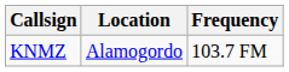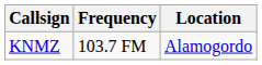 <table class="wikitable">
 <tr>
 <th>Callsign</th>
+<th>Frequency</th>
 <th>Location</th>
-<th>Frequency</th>
 </tr>
 <tr>
 <td><a href='#'>KNMZ</a></td>
+<td>103.7 FM</td>
 <td><a href='#'>Alamogordo</a></td>
-<td>103.7 FM</td>
 </tr>
 </table>
